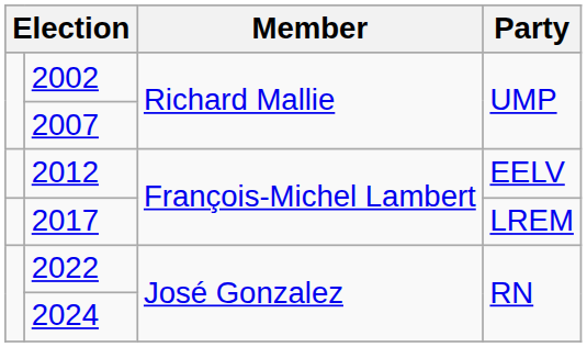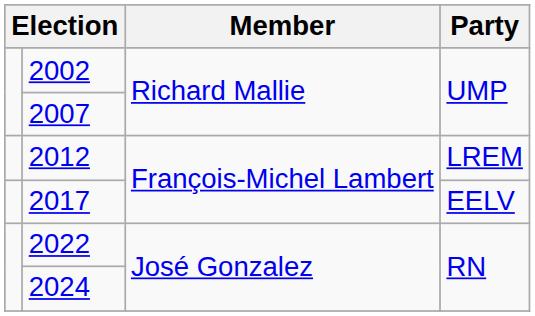 <table class="wikitable">
 <tr>
 <th colspan="2">Election</th>
 <th>Member</th>
 <th>Party</th>
 </tr>
 <tr>
 <td rowspan=2 style="background-color: "></td>
 <td><a href='#'>2002</a></td>
 <td rowspan=2><a href='#'>Richard Mallie</a></td>
 <td rowspan=2><a href='#'>UMP</a></td>
 </tr>
 <tr>
 <td><a href='#'>2007</a></td>
 </tr>
 <tr>
 <td style="color:inherit;background-color: "></td>
 <td><a href='#'>2012</a></td>
 <td rowspan=2><a href='#'>François-Michel Lambert</a></td>
-<td><a href='#'>EELV</a></td>
+<td><a href='#'>LREM</a></td>
 </tr>
 <tr>
 <td style="color:inherit;background-color: "></td>
 <td><a href='#'>2017</a></td>
-<td><a href='#'>LREM</a></td>
+<td><a href='#'>EELV</a></td>
 </tr>
 <tr>
 <td rowspan=2 style="color:inherit;background-color: "></td>
 <td><a href='#'>2022</a></td>
 <td rowspan=2><a href='#'>José Gonzalez</a></td>
 <td rowspan=2><a href='#'>RN</a></td>
 </tr>
 <tr>
 <td><a href='#'>2024</a></td>
 </tr>
 </table>
